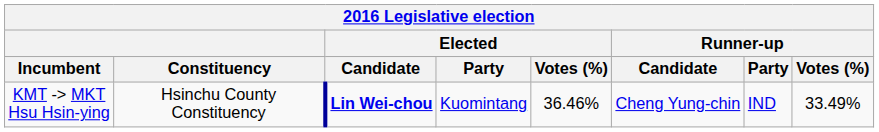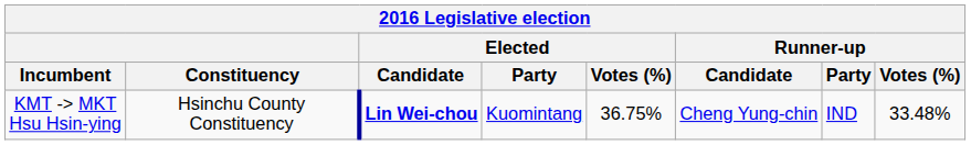 <table class="wikitable collapsible sortable" style="text-align:center">
 <tr>
 <th colspan=8><a href='#'>2016 Legislative election</a></th>
 </tr>
 <tr>
 <th colspan=2> </th>
 <th colspan=3>Elected</th>
 <th colspan=3>Runner-up</th>
 </tr>
 <tr>
 <th>Incumbent</th>
 <th style="width:200px;">Constituency</th>
 <th>Candidate</th>
 <th>Party</th>
 <th>Votes (%)</th>
 <th>Candidate</th>
 <th>Party</th>
 <th>Votes (%)</th>
 </tr>
 <tr>
 <td><a href='#'>KMT</a> ->  <a href='#'>MKT</a><br><a href='#'>Hsu Hsin-ying</a></td>
 <td align="center" style="border-right:4px solid #000099;">Hsinchu County Constituency</td>
 <td><strong><a href='#'>Lin Wei-chou</a></strong></td>
 <td align="left"><a href='#'>Kuomintang</a></td>
-<td>36.46%</td>
+<td>36.75%</td>
 <td><a href='#'>Cheng Yung-chin</a></td>
 <td align="left"><a href='#'>IND</a></td>
-<td>33.49%</td>
+<td>33.48%</td>
 </tr>
 </table>
